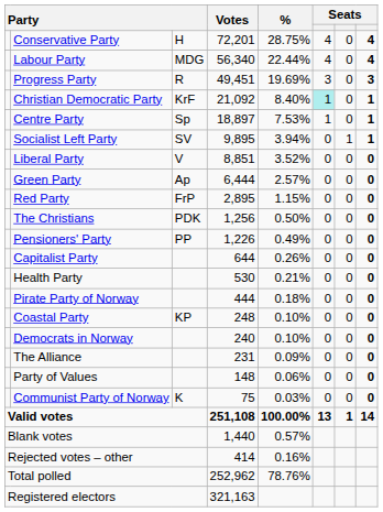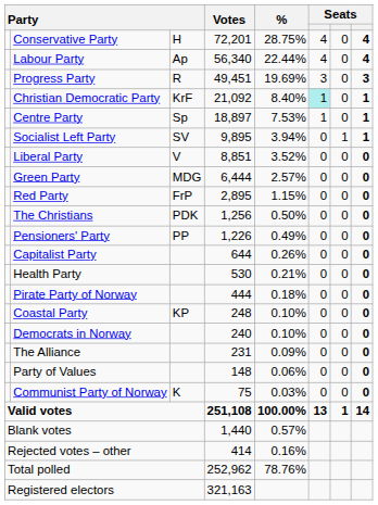 <table class="wikitable" border="1" style="text-align:right;">
 <tr>
 <th style="text-align:left;" valign=bottom rowspan=2 colspan=3>Party</th>
 <th align=center valign=bottom rowspan=2 width="50">Votes</th>
 <th align=center valign=bottom rowspan=2 width="50">%</th>
 <th colspan=3>Seats</th>
 </tr>
 <tr>
 <th align=center valign=bottom width="20"><small></small></th>
 <th align=center valign=bottom width="20"><small><a href='#'></a></small></th>
 <th align=center valign=bottom width="20"><small></small></th>
 </tr>
 <tr>
 <td style="color:inherit;background:"></td>
 <td align=left><a href='#'>Conservative Party</a></td>
 <td align=left>H</td>
 <td>72,201</td>
 <td>28.75%</td>
 <td>4</td>
 <td>0</td>
 <td><strong>4</strong></td>
 </tr>
 <tr>
 <td style="color:inherit;background:"></td>
 <td align=left><a href='#'>Labour Party</a></td>
-<td align=left>MDG</td>
+<td align=left>Ap</td>
 <td>56,340</td>
 <td>22.44%</td>
 <td>4</td>
 <td>0</td>
 <td><strong>4</strong></td>
 </tr>
 <tr>
 <td style="color:inherit;background:"></td>
 <td align=left><a href='#'>Progress Party</a></td>
 <td align=left>R</td>
 <td>49,451</td>
 <td>19.69%</td>
 <td>3</td>
 <td>0</td>
 <td><strong>3</strong></td>
 </tr>
 <tr>
 <td style="color:inherit;background:"></td>
 <td align=left><a href='#'>Christian Democratic Party</a></td>
 <td align=left>KrF</td>
 <td>21,092</td>
 <td>8.40%</td>
 <td style="background: paleturquoise;">1</td>
 <td>0</td>
 <td><strong>1</strong></td>
 </tr>
 <tr>
 <td style="color:inherit;background:"></td>
 <td align=left><a href='#'>Centre Party</a></td>
 <td align=left>Sp</td>
 <td>18,897</td>
 <td>7.53%</td>
 <td>1</td>
 <td>0</td>
 <td><strong>1</strong></td>
 </tr>
 <tr>
 <td style="color:inherit;background:"></td>
 <td align=left><a href='#'>Socialist Left Party</a></td>
 <td align=left>SV</td>
 <td>9,895</td>
 <td>3.94%</td>
 <td>0</td>
 <td>1</td>
 <td><strong>1</strong></td>
 </tr>
 <tr>
 <td style="color:inherit;background:"></td>
 <td align=left><a href='#'>Liberal Party</a></td>
 <td align=left>V</td>
 <td>8,851</td>
 <td>3.52%</td>
 <td>0</td>
 <td>0</td>
 <td><strong>0</strong></td>
 </tr>
 <tr>
 <td style="color:inherit;background:"></td>
 <td align=left><a href='#'>Green Party</a></td>
-<td align=left>Ap</td>
+<td align=left>MDG</td>
 <td>6,444</td>
 <td>2.57%</td>
 <td>0</td>
 <td>0</td>
 <td><strong>0</strong></td>
 </tr>
 <tr>
 <td style="color:inherit;background:"></td>
 <td align=left><a href='#'>Red Party</a></td>
 <td align=left>FrP</td>
 <td>2,895</td>
 <td>1.15%</td>
 <td>0</td>
 <td>0</td>
 <td><strong>0</strong></td>
 </tr>
 <tr>
 <td style="color:inherit;background:"></td>
 <td align=left><a href='#'>The Christians</a></td>
 <td align=left>PDK</td>
 <td>1,256</td>
 <td>0.50%</td>
 <td>0</td>
 <td>0</td>
 <td><strong>0</strong></td>
 </tr>
 <tr>
 <td style="color:inherit;background:"></td>
 <td align=left><a href='#'>Pensioners' Party</a></td>
 <td align=left>PP</td>
 <td>1,226</td>
 <td>0.49%</td>
 <td>0</td>
 <td>0</td>
 <td><strong>0</strong></td>
 </tr>
 <tr>
 <td style="color:inherit;background:"></td>
 <td align=left><a href='#'>Capitalist Party</a></td>
 <td align=left></td>
 <td>644</td>
 <td>0.26%</td>
 <td>0</td>
 <td>0</td>
 <td><strong>0</strong></td>
 </tr>
 <tr>
 <td></td>
 <td align=left>Health Party</td>
 <td align=left></td>
 <td>530</td>
 <td>0.21%</td>
 <td>0</td>
 <td>0</td>
 <td><strong>0</strong></td>
 </tr>
 <tr>
 <td style="color:inherit;background:"></td>
 <td align=left><a href='#'>Pirate Party of Norway</a></td>
 <td align=left></td>
 <td>444</td>
 <td>0.18%</td>
 <td>0</td>
 <td>0</td>
 <td><strong>0</strong></td>
 </tr>
 <tr>
 <td style="color:inherit;background:"></td>
 <td align=left><a href='#'>Coastal Party</a></td>
 <td align=left>KP</td>
 <td>248</td>
 <td>0.10%</td>
 <td>0</td>
 <td>0</td>
 <td><strong>0</strong></td>
 </tr>
 <tr>
 <td style="color:inherit;background:"></td>
 <td align=left><a href='#'>Democrats in Norway</a></td>
 <td align=left></td>
 <td>240</td>
 <td>0.10%</td>
 <td>0</td>
 <td>0</td>
 <td><strong>0</strong></td>
 </tr>
 <tr>
 <td></td>
 <td align=left>The Alliance</td>
 <td align=left></td>
 <td>231</td>
 <td>0.09%</td>
 <td>0</td>
 <td>0</td>
 <td><strong>0</strong></td>
 </tr>
 <tr>
 <td></td>
 <td align=left>Party of Values</td>
 <td align=left></td>
 <td>148</td>
 <td>0.06%</td>
 <td>0</td>
 <td>0</td>
 <td><strong>0</strong></td>
 </tr>
 <tr>
 <td style="color:inherit;background:"></td>
 <td align=left><a href='#'>Communist Party of Norway</a></td>
 <td align=left>K</td>
 <td>75</td>
 <td>0.03%</td>
 <td>0</td>
 <td>0</td>
 <td><strong>0</strong></td>
 </tr>
 <tr style="font-weight:bold">
 <td align=left colspan=3>Valid votes</td>
 <td>251,108</td>
 <td>100.00%</td>
 <td>13</td>
 <td>1</td>
 <td>14</td>
 </tr>
 <tr>
 <td align=left colspan=3>Blank votes</td>
 <td>1,440</td>
 <td>0.57%</td>
 <td></td>
 <td></td>
 <td></td>
 </tr>
 <tr>
 <td align=left colspan=3>Rejected votes – other</td>
 <td>414</td>
 <td>0.16%</td>
 <td></td>
 <td></td>
 <td></td>
 </tr>
 <tr>
 <td align=left colspan=3>Total polled</td>
 <td>252,962</td>
 <td>78.76%</td>
 <td></td>
 <td></td>
 <td></td>
 </tr>
 <tr>
 <td align=left colspan=3>Registered electors</td>
 <td>321,163</td>
 <td></td>
 <td></td>
 <td></td>
 <td></td>
 </tr>
 </table>
